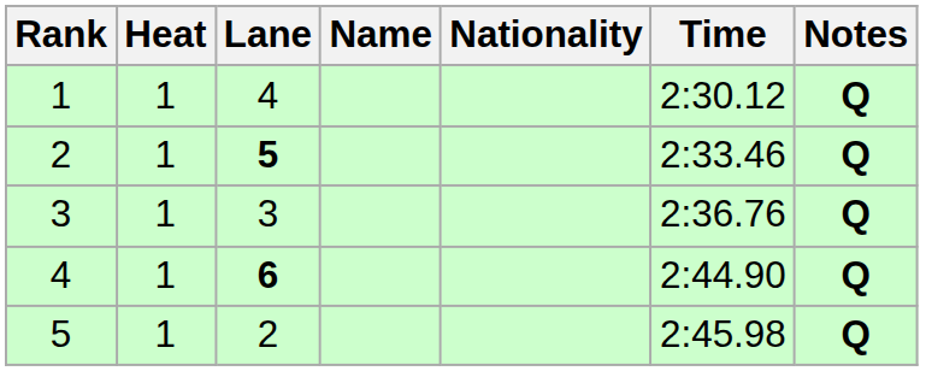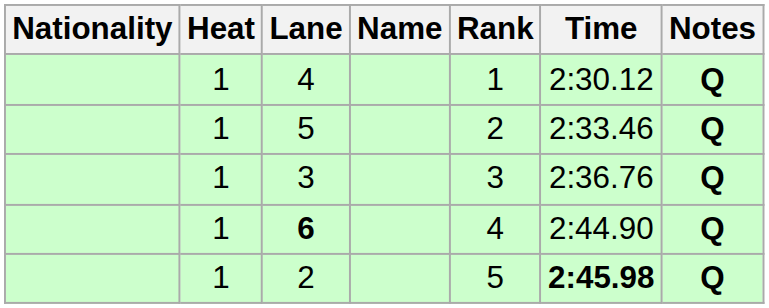 <table class="wikitable sortable" style="text-align:center">
 <tr>
-<th>Rank</th>
+<th>Nationality</th>
 <th>Heat</th>
 <th>Lane</th>
 <th>Name</th>
-<th>Nationality</th>
+<th>Rank</th>
 <th>Time</th>
 <th>Notes</th>
 </tr>
 <tr bgcolor=ccffcc>
-<td>1</td>
+<td align=left></td>
 <td>1</td>
 <td>4</td>
 <td align=left></td>
-<td align=left></td>
+<td>1</td>
 <td>2:30.12</td>
 <td><strong>Q</strong></td>
 </tr>
 <tr bgcolor=ccffcc>
+<td align=left></td>
+<td>1</td>
+<td>5</td>
+<td align=left></td>
 <td>2</td>
-<td>1</td>
-<td><strong>5</strong></td>
-<td align=left></td>
-<td align=left></td>
 <td>2:33.46</td>
 <td><strong>Q</strong></td>
 </tr>
 <tr bgcolor=ccffcc>
-<td>3</td>
+<td align=left></td>
 <td>1</td>
 <td>3</td>
 <td align=left></td>
-<td align=left></td>
+<td>3</td>
 <td>2:36.76</td>
 <td><strong>Q</strong></td>
 </tr>
 <tr bgcolor=ccffcc>
-<td>4</td>
+<td align=left></td>
 <td>1</td>
 <td><strong>6</strong></td>
 <td align=left></td>
-<td align=left></td>
+<td>4</td>
 <td>2:44.90</td>
 <td><strong>Q</strong></td>
 </tr>
 <tr bgcolor=ccffcc>
-<td>5</td>
+<td align=left></td>
 <td>1</td>
 <td>2</td>
 <td align=left></td>
-<td align=left></td>
-<td>2:45.98</td>
+<td>5</td>
+<td><strong>2:45.98</strong></td>
 <td><strong>Q</strong></td>
 </tr>
 </table>
